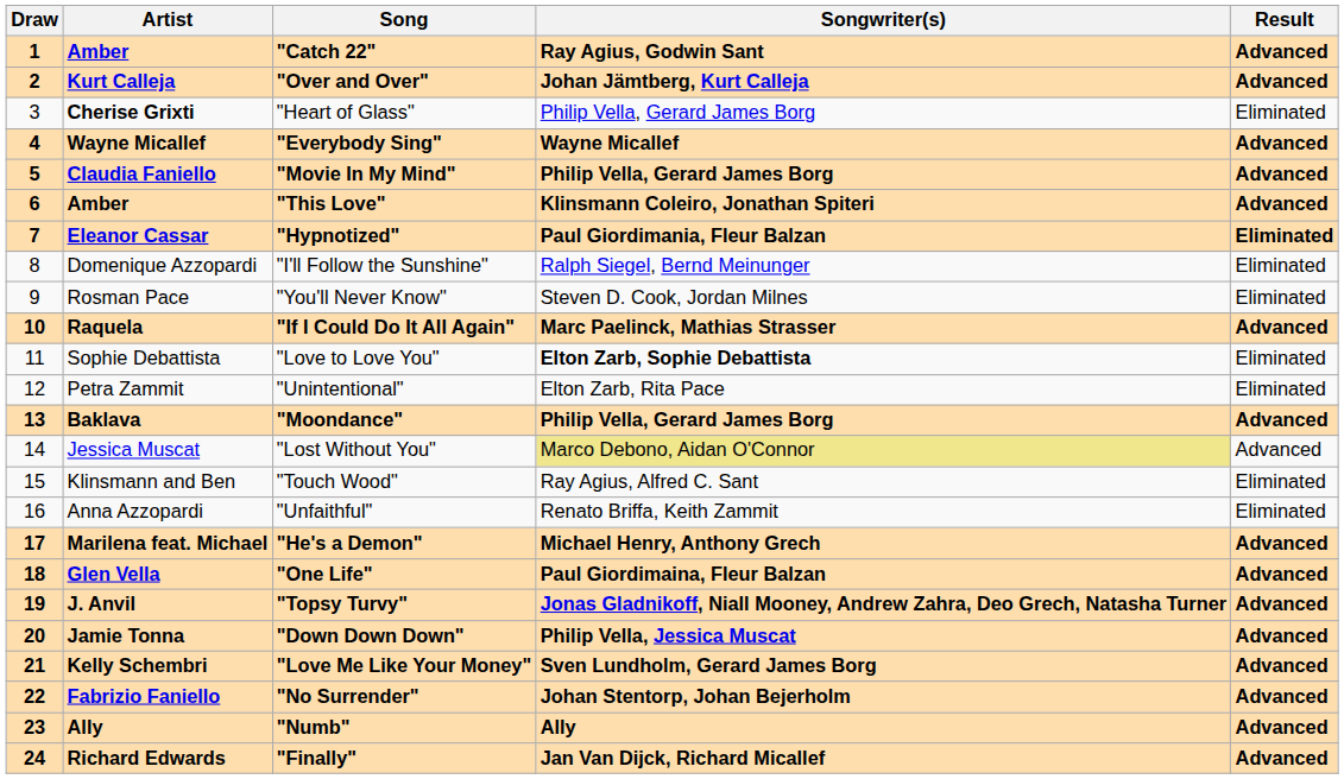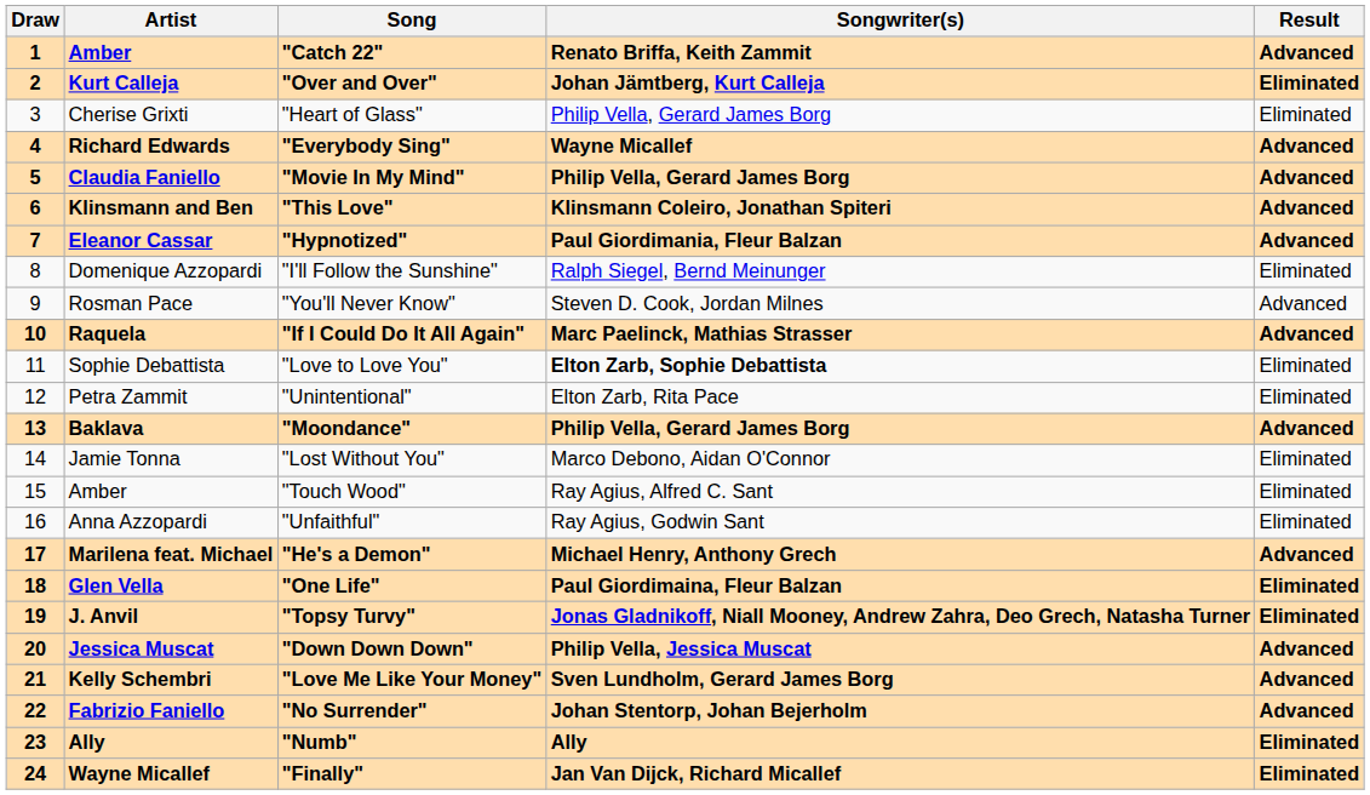 <table class="sortable wikitable" style="margin: 1em auto 1em auto; text-align:center">
 <tr>
 <th>Draw</th>
 <th>Artist</th>
 <th>Song</th>
 <th>Songwriter(s)</th>
 <th>Result</th>
 </tr>
 <tr style="font-weight:bold; background:navajowhite">
 <td>1</td>
 <td align="left"><a href='#'>Amber</a></td>
 <td align="left">"Catch 22"</td>
-<td align="left">Ray Agius, Godwin Sant</td>
+<td align="left">Renato Briffa, Keith Zammit</td>
 <td align="left">Advanced</td>
 </tr>
 <tr style="font-weight:bold; background:navajowhite">
 <td>2</td>
 <td align="left"><a href='#'>Kurt Calleja</a></td>
 <td align="left">"Over and Over"</td>
 <td align="left">Johan Jämtberg, <a href='#'>Kurt Calleja</a></td>
-<td align="left">Advanced</td>
+<td align="left">Eliminated</td>
 </tr>
 <tr>
 <td>3</td>
-<td align="left"><strong>Cherise Grixti</strong></td>
+<td align="left">Cherise Grixti</td>
 <td align="left">"Heart of Glass"</td>
 <td align="left"><a href='#'>Philip Vella</a>, <a href='#'>Gerard James Borg</a></td>
 <td align="left">Eliminated</td>
 </tr>
 <tr style="font-weight:bold; background:navajowhite">
 <td>4</td>
-<td align="left">Wayne Micallef</td>
+<td align="left">Richard Edwards</td>
 <td align="left">"Everybody Sing"</td>
 <td align="left">Wayne Micallef</td>
 <td align="left">Advanced</td>
 </tr>
 <tr style="font-weight:bold; background:navajowhite">
 <td>5</td>
 <td align="left"><a href='#'>Claudia Faniello</a></td>
 <td align="left">"Movie In My Mind"</td>
 <td align="left">Philip Vella, Gerard James Borg</td>
 <td align="left">Advanced</td>
 </tr>
 <tr style="font-weight:bold; background:navajowhite">
 <td>6</td>
-<td align="left">Amber</td>
+<td align="left">Klinsmann and Ben</td>
 <td align="left">"This Love"</td>
 <td align="left">Klinsmann Coleiro, Jonathan Spiteri</td>
 <td align="left">Advanced</td>
 </tr>
 <tr style="font-weight:bold; background:navajowhite">
 <td>7</td>
 <td align="left"><a href='#'>Eleanor Cassar</a></td>
 <td align="left">"Hypnotized"</td>
 <td align="left">Paul Giordimania, Fleur Balzan</td>
-<td align="left">Eliminated</td>
+<td align="left">Advanced</td>
 </tr>
 <tr>
 <td>8</td>
 <td align="left">Domenique Azzopardi</td>
 <td align="left">"I'll Follow the Sunshine"</td>
 <td align="left"><a href='#'>Ralph Siegel</a>, <a href='#'>Bernd Meinunger</a></td>
 <td align="left">Eliminated</td>
 </tr>
 <tr>
 <td>9</td>
 <td align="left">Rosman Pace</td>
 <td align="left">"You'll Never Know"</td>
 <td align="left">Steven D. Cook, Jordan Milnes</td>
-<td align="left">Eliminated</td>
+<td align="left">Advanced</td>
 </tr>
 <tr style="font-weight:bold; background:navajowhite">
 <td>10</td>
 <td align="left">Raquela</td>
 <td align="left">"If I Could Do It All Again"</td>
 <td align="left">Marc Paelinck, Mathias Strasser</td>
 <td align="left">Advanced</td>
 </tr>
 <tr>
 <td>11</td>
 <td align="left">Sophie Debattista</td>
 <td align="left">"Love to Love You"</td>
 <td align="left"><strong>Elton Zarb, Sophie Debattista</strong></td>
 <td align="left">Eliminated</td>
 </tr>
 <tr>
 <td>12</td>
 <td align="left">Petra Zammit</td>
 <td align="left">"Unintentional"</td>
 <td align="left">Elton Zarb, Rita Pace</td>
 <td align="left">Eliminated</td>
 </tr>
 <tr style="font-weight:bold; background:navajowhite">
 <td>13</td>
 <td align="left">Baklava</td>
 <td align="left">"Moondance"</td>
 <td align="left">Philip Vella, Gerard James Borg</td>
 <td align="left">Advanced</td>
 </tr>
 <tr>
 <td>14</td>
-<td align="left"><a href='#'>Jessica Muscat</a></td>
+<td align="left">Jamie Tonna</td>
 <td align="left">"Lost Without You"</td>
-<td align="left" style="background: khaki;">Marco Debono, Aidan O'Connor</td>
-<td align="left">Advanced</td>
+<td align="left">Marco Debono, Aidan O'Connor</td>
+<td align="left">Eliminated</td>
 </tr>
 <tr>
 <td>15</td>
-<td align="left">Klinsmann and Ben</td>
+<td align="left">Amber</td>
 <td align="left">"Touch Wood"</td>
 <td align="left">Ray Agius, Alfred C. Sant</td>
 <td align="left">Eliminated</td>
 </tr>
 <tr>
 <td>16</td>
 <td align="left">Anna Azzopardi</td>
 <td align="left">"Unfaithful"</td>
-<td align="left">Renato Briffa, Keith Zammit</td>
+<td align="left">Ray Agius, Godwin Sant</td>
 <td align="left">Eliminated</td>
 </tr>
 <tr style="font-weight:bold; background:navajowhite">
 <td>17</td>
 <td align="left">Marilena feat. Michael</td>
 <td align="left">"He's a Demon"</td>
 <td align="left">Michael Henry, Anthony Grech</td>
 <td align="left">Advanced</td>
 </tr>
 <tr style="font-weight:bold; background:navajowhite">
 <td>18</td>
 <td align="left"><a href='#'>Glen Vella</a></td>
 <td align="left">"One Life"</td>
 <td align="left">Paul Giordimaina, Fleur Balzan</td>
-<td align="left">Advanced</td>
+<td align="left">Eliminated</td>
 </tr>
 <tr style="font-weight:bold; background:navajowhite">
 <td>19</td>
 <td align="left">J. Anvil</td>
 <td align="left">"Topsy Turvy"</td>
 <td align="left"><a href='#'>Jonas Gladnikoff</a>, Niall Mooney, Andrew Zahra, Deo Grech, Natasha Turner</td>
-<td align="left">Advanced</td>
+<td align="left">Eliminated</td>
 </tr>
 <tr style="font-weight:bold; background:navajowhite">
 <td>20</td>
-<td align="left">Jamie Tonna</td>
+<td align="left"><a href='#'>Jessica Muscat</a></td>
 <td align="left">"Down Down Down"</td>
 <td align="left">Philip Vella, <a href='#'>Jessica Muscat</a></td>
 <td align="left">Advanced</td>
 </tr>
 <tr style="font-weight:bold; background:navajowhite">
 <td>21</td>
 <td align="left">Kelly Schembri</td>
 <td align="left">"Love Me Like Your Money"</td>
 <td align="left">Sven Lundholm, Gerard James Borg</td>
 <td align="left">Advanced</td>
 </tr>
 <tr style="font-weight:bold; background:navajowhite">
 <td>22</td>
 <td align="left"><a href='#'>Fabrizio Faniello</a></td>
 <td align="left">"No Surrender"</td>
 <td align="left">Johan Stentorp, Johan Bejerholm</td>
 <td align="left">Advanced</td>
 </tr>
 <tr style="font-weight:bold; background:navajowhite">
 <td>23</td>
 <td align="left">Ally</td>
 <td align="left">"Numb"</td>
 <td align="left">Ally</td>
-<td align="left">Advanced</td>
+<td align="left">Eliminated</td>
 </tr>
 <tr style="font-weight:bold; background:navajowhite">
 <td>24</td>
-<td align="left">Richard Edwards</td>
+<td align="left">Wayne Micallef</td>
 <td align="left">"Finally"</td>
 <td align="left">Jan Van Dijck, Richard Micallef</td>
-<td align="left">Advanced</td>
+<td align="left">Eliminated</td>
 </tr>
 </table>
